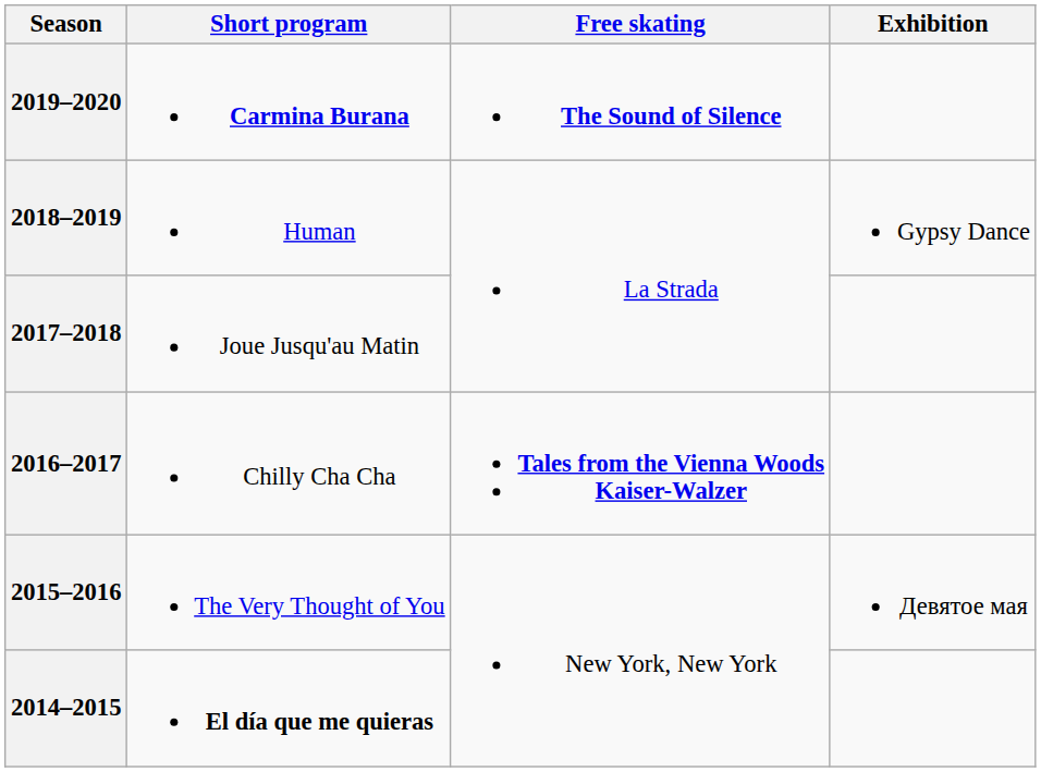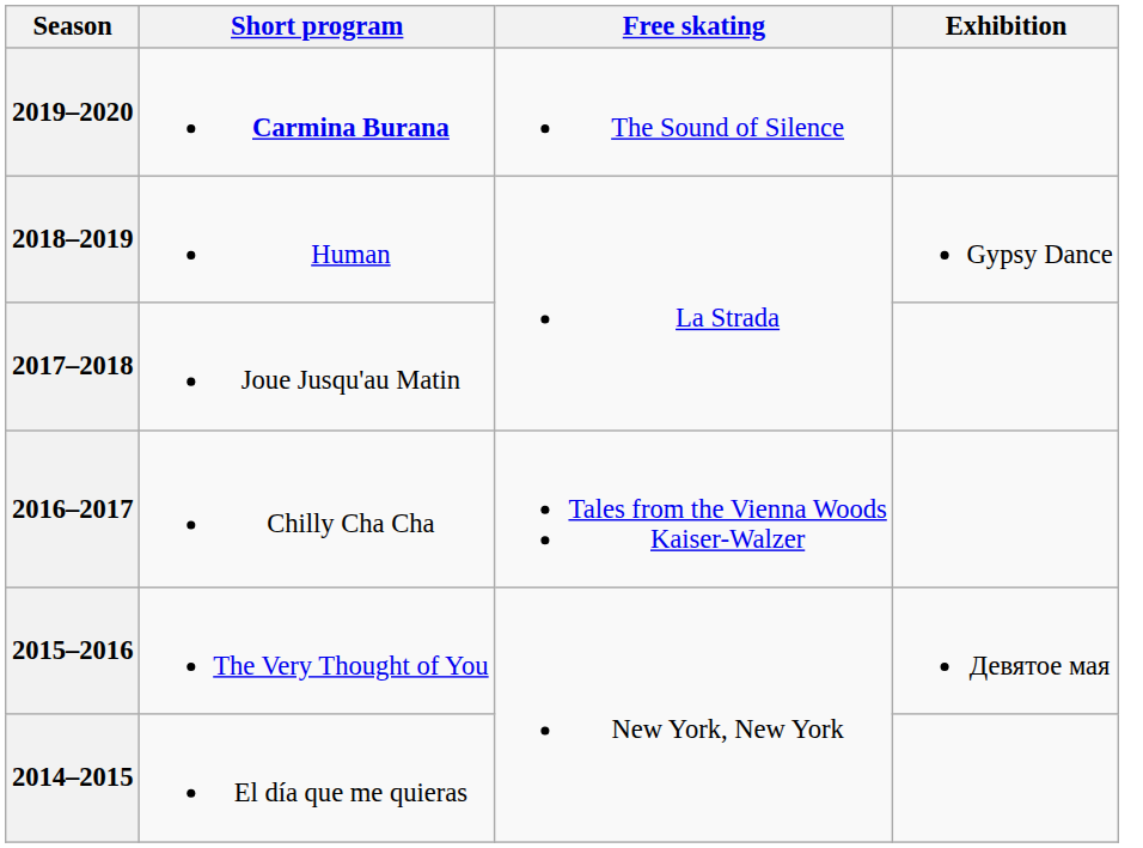 <table class=wikitable style=text-align:center>
 <tr>
 <th>Season</th>
 <th><a href='#'>Short program</a></th>
 <th><a href='#'>Free skating</a></th>
 <th>Exhibition</th>
 </tr>
 <tr>
 <th>2019–2020 <br> </th>
 <td><strong><br><ul><li><a href='#'>Carmina Burana</a> <br></li></ul></strong></td>
-<td><strong><br><ul><li><a href='#'>The Sound of Silence</a> <br></li></ul></strong></td>
+<td><br><ul><li><a href='#'>The Sound of Silence</a> <br></li></ul></td>
 <td></td>
 </tr>
 <tr>
 <th>2018–2019 <br> </th>
 <td><br><ul><li><a href='#'>Human</a> <br></li></ul></td>
 <td rowspan=2><br><ul><li><a href='#'>La Strada</a> <br></li></ul></td>
 <td><br><ul><li>Gypsy Dance</li></ul></td>
 </tr>
 <tr>
 <th>2017–2018 <br> </th>
 <td><br><ul><li>Joue Jusqu'au Matin <br></li></ul></td>
 <td></td>
 </tr>
 <tr>
 <th>2016–2017 <br> </th>
 <td><br><ul><li>Chilly Cha Cha <br></li></ul></td>
-<td><strong><br><ul><li><a href='#'>Tales from the Vienna Woods</a> <br></li><li><a href='#'>Kaiser-Walzer</a> <br></li></ul></strong></td>
+<td><br><ul><li><a href='#'>Tales from the Vienna Woods</a> <br></li><li><a href='#'>Kaiser-Walzer</a> <br></li></ul></td>
 <td></td>
 </tr>
 <tr>
 <th>2015–2016</th>
 <td><br><ul><li><a href='#'>The Very Thought of You</a></li></ul></td>
 <td rowspan=2><br><ul><li>New York, New York</li></ul></td>
 <td><br><ul><li>Девятое мая <br></li></ul></td>
 </tr>
 <tr>
 <th>2014–2015</th>
-<td><strong><br><ul><li>El día que me quieras <br></li></ul></strong></td>
+<td><br><ul><li>El día que me quieras <br></li></ul></td>
 <td></td>
 </tr>
 </table>
